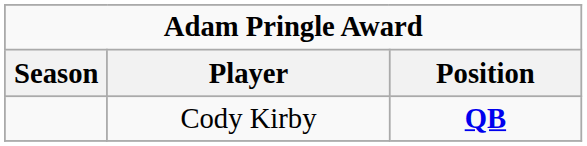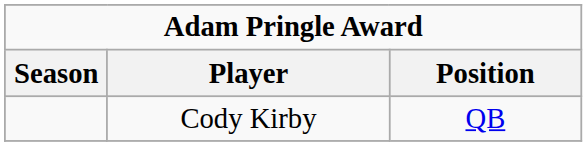 <table class="wikitable sortable" style="text-align:center">
 <tr>
 <td colspan="4"><strong>Adam Pringle Award</strong></td>
 </tr>
 <tr>
 <th style="width:50px; ">Season</th>
 <th style="width:150px; ">Player</th>
 <th style="width:100px; ">Position</th>
 </tr>
 <tr>
 <td></td>
 <td>Cody Kirby</td>
-<td><strong><a href='#'>QB</a></strong></td>
+<td><a href='#'>QB</a></td>
 </tr>
 </table>
